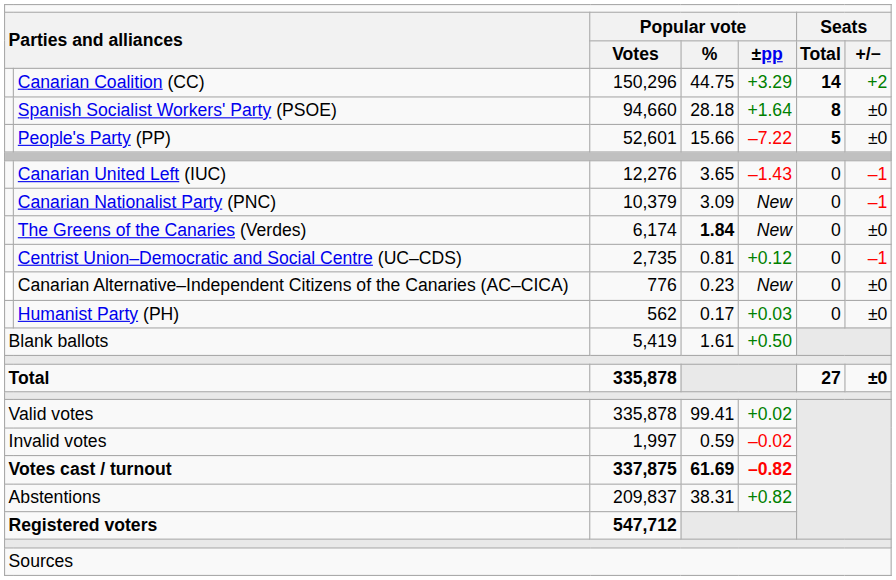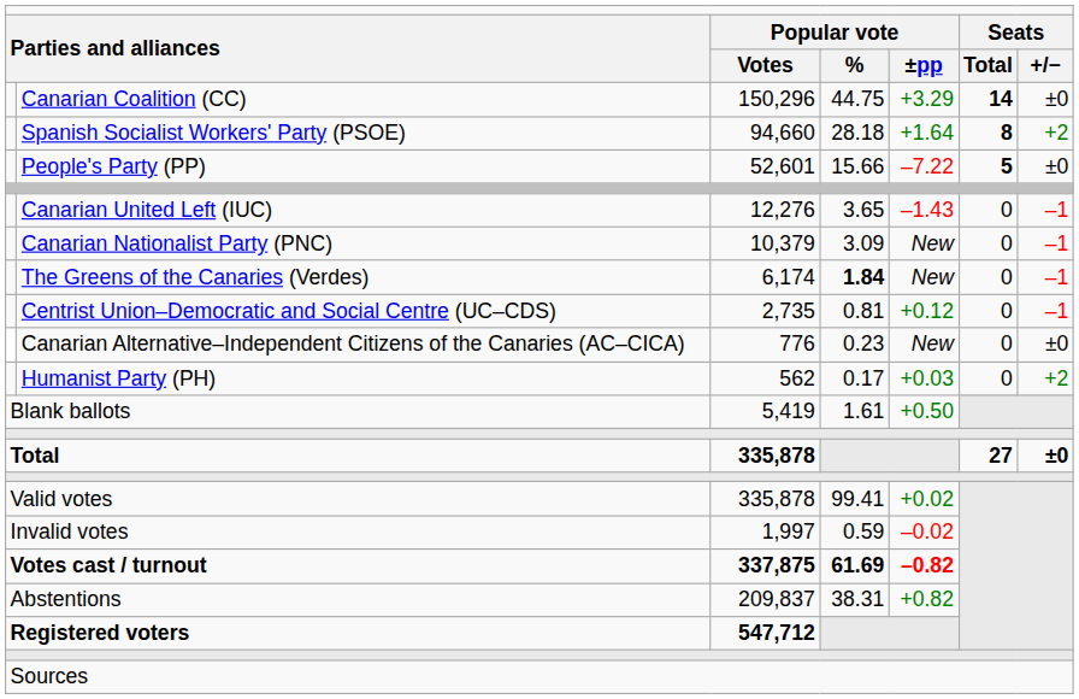 <table class="wikitable" style="text-align:right;">
 <tr>
 <td colspan="7"></td>
 </tr>
 <tr>
 <th style="text-align:left;" rowspan="2" colspan="2" width="525">Parties and alliances</th>
 <th colspan="3">Popular vote</th>
 <th colspan="2">Seats</th>
 </tr>
 <tr>
 <th width="75">Votes</th>
 <th width="45">%</th>
 <th width="45">±<a href='#'>pp</a></th>
 <th width="35">Total</th>
 <th width="35">+/−</th>
 </tr>
 <tr>
 <td width="1" style="color:inherit;background:"></td>
 <td align="left"><a href='#'>Canarian Coalition</a> (CC)</td>
 <td>150,296</td>
 <td>44.75</td>
 <td style="color:green;">+3.29</td>
 <td><strong>14</strong></td>
-<td style="color:green;">+2</td>
+<td>±0</td>
 </tr>
 <tr>
 <td style="color:inherit;background:"></td>
 <td align="left"><a href='#'>Spanish Socialist Workers' Party</a> (PSOE)</td>
 <td>94,660</td>
 <td>28.18</td>
 <td style="color:green;">+1.64</td>
 <td><strong>8</strong></td>
-<td>±0</td>
+<td style="color:green;">+2</td>
 </tr>
 <tr>
 <td style="color:inherit;background:"></td>
 <td align="left"><a href='#'>People's Party</a> (PP)</td>
 <td>52,601</td>
 <td>15.66</td>
 <td style="color:red;">–7.22</td>
 <td><strong>5</strong></td>
 <td>±0</td>
 </tr>
 <tr>
 <td colspan="7" bgcolor="#C0C0C0"></td>
 </tr>
 <tr>
 <td style="color:inherit;background:"></td>
 <td align="left"><a href='#'>Canarian United Left</a> (IUC)</td>
 <td>12,276</td>
 <td>3.65</td>
 <td style="color:red;">–1.43</td>
 <td>0</td>
 <td style="color:red;">–1</td>
 </tr>
 <tr>
 <td style="color:inherit;background:"></td>
 <td align="left"><a href='#'>Canarian Nationalist Party</a> (PNC)</td>
 <td>10,379</td>
 <td>3.09</td>
 <td><em>New</em></td>
 <td>0</td>
 <td style="color:red;">–1</td>
 </tr>
 <tr>
 <td style="color:inherit;background:"></td>
 <td align="left"><a href='#'>The Greens of the Canaries</a> (Verdes)</td>
 <td>6,174</td>
 <td><strong>1.84</strong></td>
 <td><em>New</em></td>
 <td>0</td>
-<td>±0</td>
+<td style="color:red;">–1</td>
 </tr>
 <tr>
 <td style="color:inherit;background:"></td>
 <td align="left"><a href='#'>Centrist Union–Democratic and Social Centre</a> (UC–CDS)</td>
 <td>2,735</td>
 <td>0.81</td>
 <td style="color:green;">+0.12</td>
 <td>0</td>
 <td style="color:red;">–1</td>
 </tr>
 <tr>
 <td bgcolor="white"></td>
 <td align="left">Canarian Alternative–Independent Citizens of the Canaries (AC–CICA)</td>
 <td>776</td>
 <td>0.23</td>
 <td><em>New</em></td>
 <td>0</td>
 <td>±0</td>
 </tr>
 <tr>
 <td style="color:inherit;background:"></td>
 <td align="left"><a href='#'>Humanist Party</a> (PH)</td>
 <td>562</td>
 <td>0.17</td>
 <td style="color:green;">+0.03</td>
 <td>0</td>
-<td>±0</td>
+<td style="color:green;">+2</td>
 </tr>
 <tr>
 <td align="left" colspan="2">Blank ballots</td>
 <td>5,419</td>
 <td>1.61</td>
 <td style="color:green;">+0.50</td>
 <td bgcolor="#E9E9E9" colspan="2"></td>
 </tr>
 <tr>
 <td colspan="7" bgcolor="#E9E9E9"></td>
 </tr>
 <tr style="font-weight:bold;">
 <td align="left" colspan="2">Total</td>
 <td>335,878</td>
 <td bgcolor="#E9E9E9" colspan="2"></td>
 <td>27</td>
 <td>±0</td>
 </tr>
 <tr>
 <td colspan="7" bgcolor="#E9E9E9"></td>
 </tr>
 <tr>
 <td align="left" colspan="2">Valid votes</td>
 <td>335,878</td>
 <td>99.41</td>
 <td style="color:green;">+0.02</td>
 <td bgcolor="#E9E9E9" colspan="2" rowspan="5"></td>
 </tr>
 <tr>
 <td align="left" colspan="2">Invalid votes</td>
 <td>1,997</td>
 <td>0.59</td>
 <td style="color:red;">–0.02</td>
 </tr>
 <tr style="font-weight:bold;">
 <td align="left" colspan="2">Votes cast / turnout</td>
 <td>337,875</td>
 <td>61.69</td>
 <td style="color:red;">–0.82</td>
 </tr>
 <tr>
 <td align="left" colspan="2">Abstentions</td>
 <td>209,837</td>
 <td>38.31</td>
 <td style="color:green;">+0.82</td>
 </tr>
 <tr style="font-weight:bold;">
 <td align="left" colspan="2">Registered voters</td>
 <td>547,712</td>
 <td bgcolor="#E9E9E9" colspan="2"></td>
 </tr>
 <tr>
 <td colspan="7" bgcolor="#E9E9E9"></td>
 </tr>
 <tr>
 <td align="left" colspan="7">Sources</td>
 </tr>
 </table>
